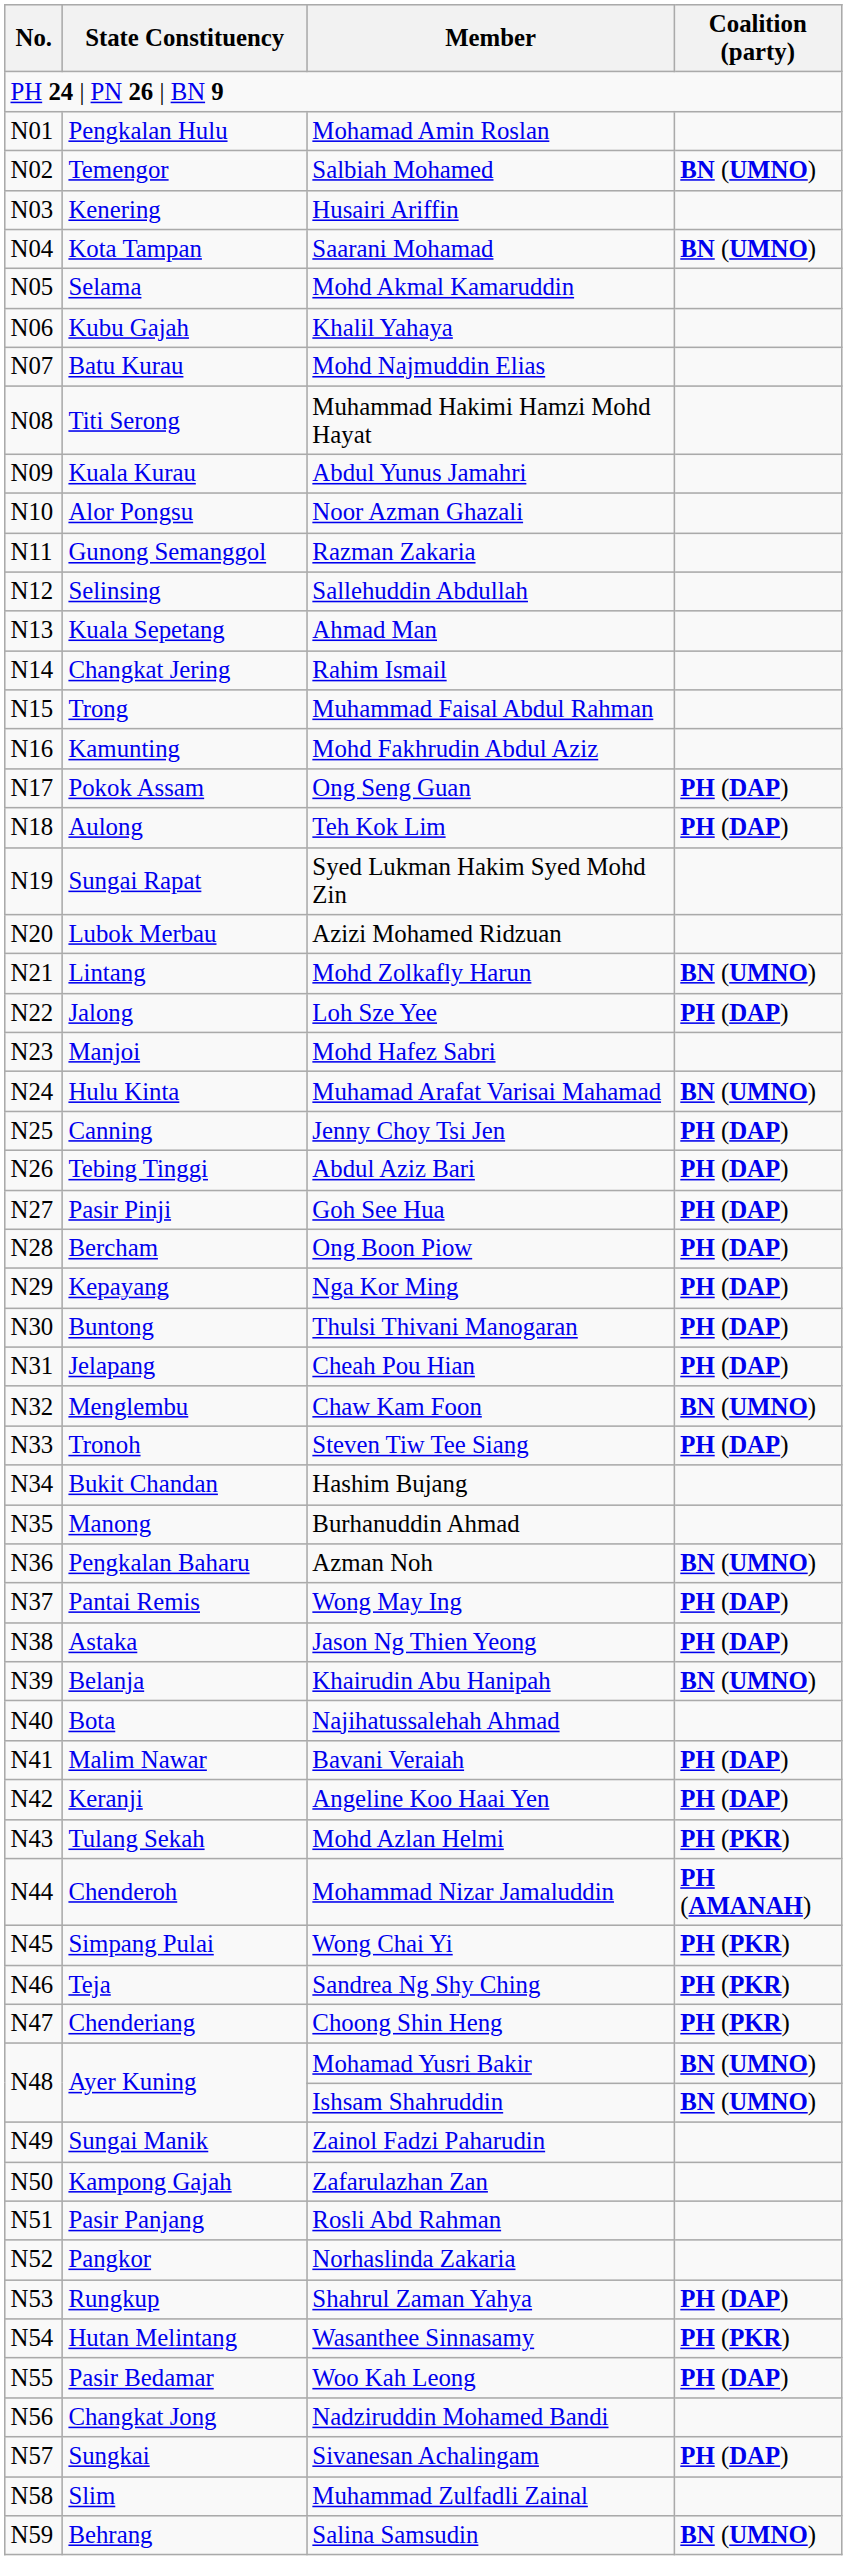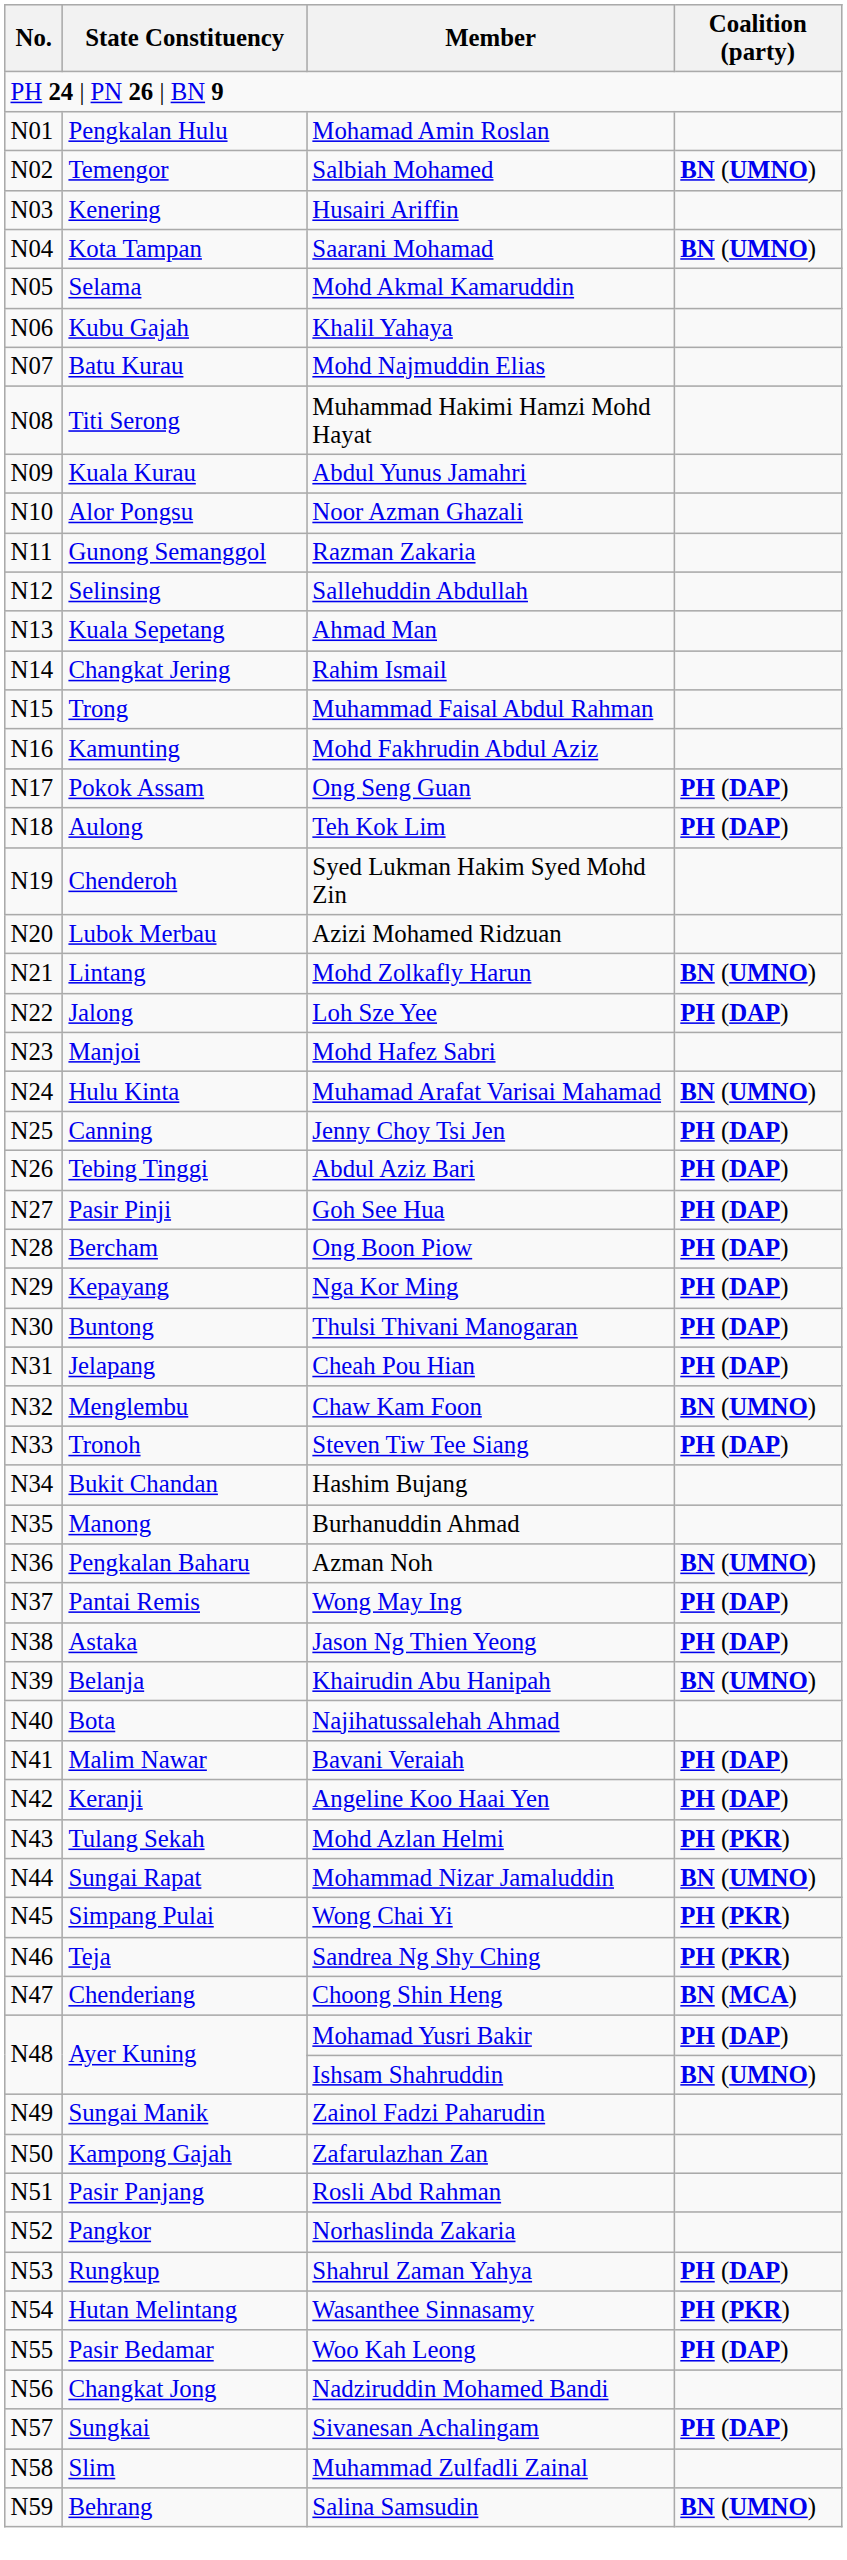 <table class="wikitable sortable">
 <tr>
 <th style="width:30px;">No.</th>
 <th style="width:150px;">State Constituency</th>
 <th style="width:230px;">Member</th>
 <th style="width:100px;">Coalition (party)</th>
 </tr>
 <tr>
 <td colspan="4"><a href='#'>PH</a> <strong>24</strong> | <a href='#'>PN</a> <strong>26</strong> | <a href='#'>BN</a> <strong>9</strong></td>
 </tr>
 <tr>
 <td>N01</td>
 <td><a href='#'>Pengkalan Hulu</a></td>
 <td><a href='#'>Mohamad Amin Roslan</a></td>
 <td></td>
 </tr>
 <tr>
 <td>N02</td>
 <td><a href='#'>Temengor</a></td>
 <td><a href='#'>Salbiah Mohamed</a></td>
 <td><strong><a href='#'>BN</a></strong> (<strong><a href='#'>UMNO</a></strong>)</td>
 </tr>
 <tr>
 <td>N03</td>
 <td><a href='#'>Kenering</a></td>
 <td><a href='#'>Husairi Ariffin</a></td>
 <td></td>
 </tr>
 <tr>
 <td>N04</td>
 <td><a href='#'>Kota Tampan</a></td>
 <td><a href='#'>Saarani Mohamad</a></td>
 <td><strong><a href='#'>BN</a></strong> (<strong><a href='#'>UMNO</a></strong>)</td>
 </tr>
 <tr>
 <td>N05</td>
 <td><a href='#'>Selama</a></td>
 <td><a href='#'>Mohd Akmal Kamaruddin</a></td>
 <td></td>
 </tr>
 <tr>
 <td>N06</td>
 <td><a href='#'>Kubu Gajah</a></td>
 <td><a href='#'>Khalil Yahaya</a></td>
 <td></td>
 </tr>
 <tr>
 <td>N07</td>
 <td><a href='#'>Batu Kurau</a></td>
 <td><a href='#'>Mohd Najmuddin Elias</a></td>
 <td></td>
 </tr>
 <tr>
 <td>N08</td>
 <td><a href='#'>Titi Serong</a></td>
 <td>Muhammad Hakimi Hamzi Mohd Hayat</td>
 <td></td>
 </tr>
 <tr>
 <td>N09</td>
 <td><a href='#'>Kuala Kurau</a></td>
 <td><a href='#'>Abdul Yunus Jamahri</a></td>
 <td></td>
 </tr>
 <tr>
 <td>N10</td>
 <td><a href='#'>Alor Pongsu</a></td>
 <td><a href='#'>Noor Azman Ghazali</a></td>
 <td></td>
 </tr>
 <tr>
 <td>N11</td>
 <td><a href='#'>Gunong Semanggol</a></td>
 <td><a href='#'>Razman Zakaria</a></td>
 <td></td>
 </tr>
 <tr>
 <td>N12</td>
 <td><a href='#'>Selinsing</a></td>
 <td><a href='#'>Sallehuddin Abdullah</a></td>
 <td></td>
 </tr>
 <tr>
 <td>N13</td>
 <td><a href='#'>Kuala Sepetang</a></td>
 <td><a href='#'>Ahmad Man</a></td>
 <td></td>
 </tr>
 <tr>
 <td>N14</td>
 <td><a href='#'>Changkat Jering</a></td>
 <td><a href='#'>Rahim Ismail</a></td>
 <td></td>
 </tr>
 <tr>
 <td>N15</td>
 <td><a href='#'>Trong</a></td>
 <td><a href='#'>Muhammad Faisal Abdul Rahman</a></td>
 <td></td>
 </tr>
 <tr>
 <td>N16</td>
 <td><a href='#'>Kamunting</a></td>
 <td><a href='#'>Mohd Fakhrudin Abdul Aziz</a></td>
 <td></td>
 </tr>
 <tr>
 <td>N17</td>
 <td><a href='#'>Pokok Assam</a></td>
 <td><a href='#'>Ong Seng Guan</a></td>
 <td><strong><a href='#'>PH</a></strong> (<strong><a href='#'>DAP</a></strong>)</td>
 </tr>
 <tr>
 <td>N18</td>
 <td><a href='#'>Aulong</a></td>
 <td><a href='#'>Teh Kok Lim</a></td>
 <td><strong><a href='#'>PH</a></strong> (<strong><a href='#'>DAP</a></strong>)</td>
 </tr>
 <tr>
 <td>N19</td>
-<td><a href='#'>Sungai Rapat</a></td>
+<td><a href='#'>Chenderoh</a></td>
 <td>Syed Lukman Hakim Syed Mohd Zin</td>
 <td></td>
 </tr>
 <tr>
 <td>N20</td>
 <td><a href='#'>Lubok Merbau</a></td>
 <td>Azizi Mohamed Ridzuan</td>
 <td></td>
 </tr>
 <tr>
 <td>N21</td>
 <td><a href='#'>Lintang</a></td>
 <td><a href='#'>Mohd Zolkafly Harun</a></td>
 <td><strong><a href='#'>BN</a></strong> (<strong><a href='#'>UMNO</a></strong>)</td>
 </tr>
 <tr>
 <td>N22</td>
 <td><a href='#'>Jalong</a></td>
 <td><a href='#'>Loh Sze Yee</a></td>
 <td><strong><a href='#'>PH</a></strong> (<strong><a href='#'>DAP</a></strong>)</td>
 </tr>
 <tr>
 <td>N23</td>
 <td><a href='#'>Manjoi</a></td>
 <td><a href='#'>Mohd Hafez Sabri</a></td>
 <td></td>
 </tr>
 <tr>
 <td>N24</td>
 <td><a href='#'>Hulu Kinta</a></td>
 <td><a href='#'>Muhamad Arafat Varisai Mahamad</a></td>
 <td><strong><a href='#'>BN</a></strong> (<strong><a href='#'>UMNO</a></strong>)</td>
 </tr>
 <tr>
 <td>N25</td>
 <td><a href='#'>Canning</a></td>
 <td><a href='#'>Jenny Choy Tsi Jen</a></td>
 <td><strong><a href='#'>PH</a></strong> (<strong><a href='#'>DAP</a></strong>)</td>
 </tr>
 <tr>
 <td>N26</td>
 <td><a href='#'>Tebing Tinggi</a></td>
 <td><a href='#'>Abdul Aziz Bari</a></td>
 <td><strong><a href='#'>PH</a></strong> (<strong><a href='#'>DAP</a></strong>)</td>
 </tr>
 <tr>
 <td>N27</td>
 <td><a href='#'>Pasir Pinji</a></td>
 <td><a href='#'>Goh See Hua</a></td>
 <td><strong><a href='#'>PH</a></strong> (<strong><a href='#'>DAP</a></strong>)</td>
 </tr>
 <tr>
 <td>N28</td>
 <td><a href='#'>Bercham</a></td>
 <td><a href='#'>Ong Boon Piow</a></td>
 <td><strong><a href='#'>PH</a></strong> (<strong><a href='#'>DAP</a></strong>)</td>
 </tr>
 <tr>
 <td>N29</td>
 <td><a href='#'>Kepayang</a></td>
 <td><a href='#'>Nga Kor Ming</a></td>
 <td><strong><a href='#'>PH</a></strong> (<strong><a href='#'>DAP</a></strong>)</td>
 </tr>
 <tr>
 <td>N30</td>
 <td><a href='#'>Buntong</a></td>
 <td><a href='#'>Thulsi Thivani Manogaran</a></td>
 <td><strong><a href='#'>PH</a></strong> (<strong><a href='#'>DAP</a></strong>)</td>
 </tr>
 <tr>
 <td>N31</td>
 <td><a href='#'>Jelapang</a></td>
 <td><a href='#'>Cheah Pou Hian</a></td>
 <td><strong><a href='#'>PH</a></strong> (<strong><a href='#'>DAP</a></strong>)</td>
 </tr>
 <tr>
 <td>N32</td>
 <td><a href='#'>Menglembu</a></td>
 <td><a href='#'>Chaw Kam Foon</a></td>
 <td><strong><a href='#'>BN</a></strong> (<strong><a href='#'>UMNO</a></strong>)</td>
 </tr>
 <tr>
 <td>N33</td>
 <td><a href='#'>Tronoh</a></td>
 <td><a href='#'>Steven Tiw Tee Siang</a></td>
 <td><strong><a href='#'>PH</a></strong> (<strong><a href='#'>DAP</a></strong>)</td>
 </tr>
 <tr>
 <td>N34</td>
 <td><a href='#'>Bukit Chandan</a></td>
 <td>Hashim Bujang</td>
 <td></td>
 </tr>
 <tr>
 <td>N35</td>
 <td><a href='#'>Manong</a></td>
 <td>Burhanuddin Ahmad</td>
 <td></td>
 </tr>
 <tr>
 <td>N36</td>
 <td><a href='#'>Pengkalan Baharu</a></td>
 <td>Azman Noh</td>
 <td><strong><a href='#'>BN</a></strong> (<strong><a href='#'>UMNO</a></strong>)</td>
 </tr>
 <tr>
 <td>N37</td>
 <td><a href='#'>Pantai Remis</a></td>
 <td><a href='#'>Wong May Ing</a></td>
 <td><strong><a href='#'>PH</a></strong> (<strong><a href='#'>DAP</a></strong>)</td>
 </tr>
 <tr>
 <td>N38</td>
 <td><a href='#'>Astaka</a></td>
 <td><a href='#'>Jason Ng Thien Yeong</a></td>
 <td><strong><a href='#'>PH</a></strong> (<strong><a href='#'>DAP</a></strong>)</td>
 </tr>
 <tr>
 <td>N39</td>
 <td><a href='#'>Belanja</a></td>
 <td><a href='#'>Khairudin Abu Hanipah</a></td>
 <td><strong><a href='#'>BN</a></strong> (<strong><a href='#'>UMNO</a></strong>)</td>
 </tr>
 <tr>
 <td>N40</td>
 <td><a href='#'>Bota</a></td>
 <td><a href='#'>Najihatussalehah Ahmad</a></td>
 <td></td>
 </tr>
 <tr>
 <td>N41</td>
 <td><a href='#'>Malim Nawar</a></td>
 <td><a href='#'>Bavani Veraiah</a></td>
 <td><strong><a href='#'>PH</a></strong> (<strong><a href='#'>DAP</a></strong>)</td>
 </tr>
 <tr>
 <td>N42</td>
 <td><a href='#'>Keranji</a></td>
 <td><a href='#'>Angeline Koo Haai Yen</a></td>
 <td><strong><a href='#'>PH</a></strong> (<strong><a href='#'>DAP</a></strong>)</td>
 </tr>
 <tr>
 <td>N43</td>
 <td><a href='#'>Tulang Sekah</a></td>
 <td><a href='#'>Mohd Azlan Helmi</a></td>
 <td><strong><a href='#'>PH</a></strong> (<strong><a href='#'>PKR</a></strong>)</td>
 </tr>
 <tr>
 <td>N44</td>
-<td><a href='#'>Chenderoh</a></td>
+<td><a href='#'>Sungai Rapat</a></td>
 <td><a href='#'>Mohammad Nizar Jamaluddin</a></td>
-<td><strong><a href='#'>PH</a></strong> (<strong><a href='#'>AMANAH</a></strong>)</td>
+<td><strong><a href='#'>BN</a></strong> (<strong><a href='#'>UMNO</a></strong>)</td>
 </tr>
 <tr>
 <td>N45</td>
 <td><a href='#'>Simpang Pulai</a></td>
 <td><a href='#'>Wong Chai Yi</a></td>
 <td><strong><a href='#'>PH</a></strong> (<strong><a href='#'>PKR</a></strong>)</td>
 </tr>
 <tr>
 <td>N46</td>
 <td><a href='#'>Teja</a></td>
 <td><a href='#'>Sandrea Ng Shy Ching</a></td>
 <td><strong><a href='#'>PH</a></strong> (<strong><a href='#'>PKR</a></strong>)</td>
 </tr>
 <tr>
 <td>N47</td>
 <td><a href='#'>Chenderiang</a></td>
 <td><a href='#'>Choong Shin Heng</a></td>
-<td><strong><a href='#'>PH</a></strong> (<strong><a href='#'>PKR</a></strong>)</td>
+<td><strong><a href='#'>BN</a></strong> (<strong><a href='#'>MCA</a></strong>)</td>
 </tr>
 <tr>
 <td rowspan=2>N48</td>
 <td rowspan=2><a href='#'>Ayer Kuning</a></td>
 <td><a href='#'>Mohamad Yusri Bakir</a> </td>
-<td><strong><a href='#'>BN</a></strong> (<strong><a href='#'>UMNO</a></strong>)</td>
+<td><strong><a href='#'>PH</a></strong> (<strong><a href='#'>DAP</a></strong>)</td>
 </tr>
 <tr>
 <td><a href='#'>Ishsam Shahruddin</a> </td>
 <td><strong><a href='#'>BN</a></strong> (<strong><a href='#'>UMNO</a></strong>)</td>
 </tr>
 <tr>
 <td>N49</td>
 <td><a href='#'>Sungai Manik</a></td>
 <td><a href='#'>Zainol Fadzi Paharudin</a></td>
 <td></td>
 </tr>
 <tr>
 <td>N50</td>
 <td><a href='#'>Kampong Gajah</a></td>
 <td><a href='#'>Zafarulazhan Zan</a></td>
 <td></td>
 </tr>
 <tr>
 <td>N51</td>
 <td><a href='#'>Pasir Panjang</a></td>
 <td><a href='#'>Rosli Abd Rahman</a></td>
 <td></td>
 </tr>
 <tr>
 <td>N52</td>
 <td><a href='#'>Pangkor</a></td>
 <td><a href='#'>Norhaslinda Zakaria</a></td>
 <td></td>
 </tr>
 <tr>
 <td>N53</td>
 <td><a href='#'>Rungkup</a></td>
 <td><a href='#'>Shahrul Zaman Yahya</a></td>
 <td><strong><a href='#'>PH</a></strong> (<strong><a href='#'>DAP</a></strong>)</td>
 </tr>
 <tr>
 <td>N54</td>
 <td><a href='#'>Hutan Melintang</a></td>
 <td><a href='#'>Wasanthee Sinnasamy</a></td>
 <td><strong><a href='#'>PH</a></strong> (<strong><a href='#'>PKR</a></strong>)</td>
 </tr>
 <tr>
 <td>N55</td>
 <td><a href='#'>Pasir Bedamar</a></td>
 <td><a href='#'>Woo Kah Leong</a></td>
 <td><strong><a href='#'>PH</a></strong> (<strong><a href='#'>DAP</a></strong>)</td>
 </tr>
 <tr>
 <td>N56</td>
 <td><a href='#'>Changkat Jong</a></td>
 <td><a href='#'>Nadziruddin Mohamed Bandi</a></td>
 <td></td>
 </tr>
 <tr>
 <td>N57</td>
 <td><a href='#'>Sungkai</a></td>
 <td><a href='#'>Sivanesan Achalingam</a></td>
 <td><strong><a href='#'>PH</a></strong> (<strong><a href='#'>DAP</a></strong>)</td>
 </tr>
 <tr>
 <td>N58</td>
 <td><a href='#'>Slim</a></td>
 <td><a href='#'>Muhammad Zulfadli Zainal</a></td>
 <td></td>
 </tr>
 <tr>
 <td>N59</td>
 <td><a href='#'>Behrang</a></td>
 <td><a href='#'>Salina Samsudin</a></td>
 <td><strong><a href='#'>BN</a></strong> (<strong><a href='#'>UMNO</a></strong>)</td>
 </tr>
 </table>
